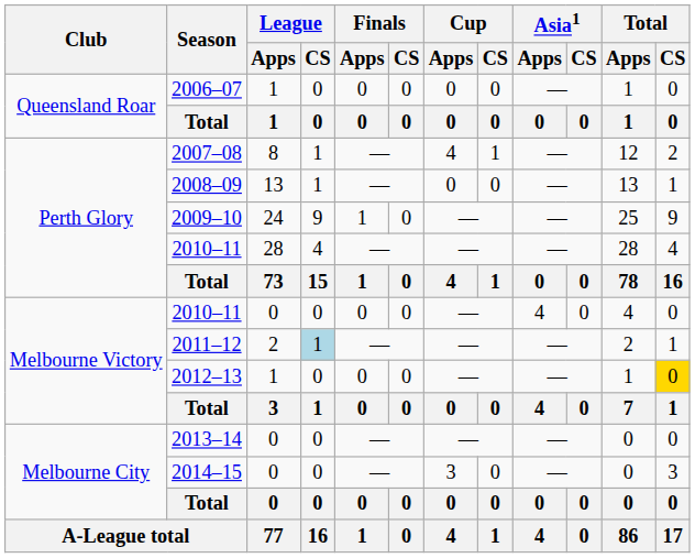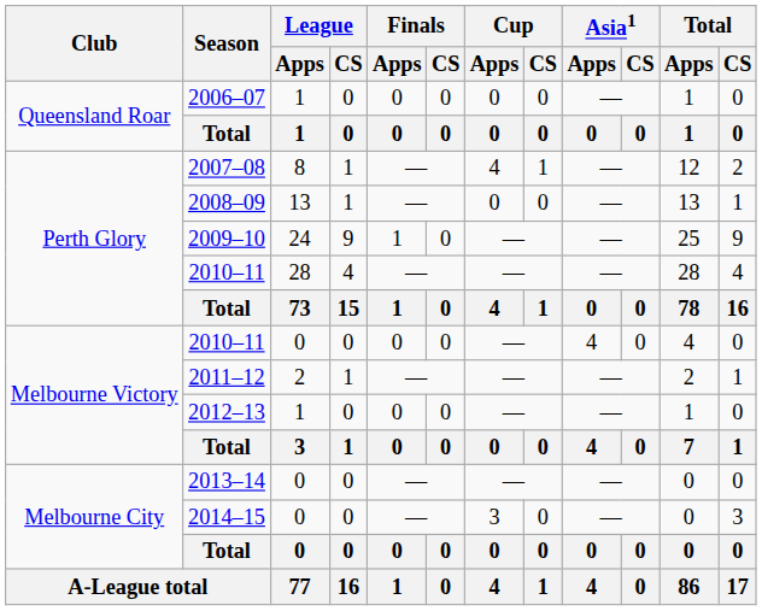 <table class="wikitable" style="text-align: center;">
 <tr>
 <th rowspan="2">Club</th>
 <th rowspan="2">Season</th>
 <th colspan="2"><a href='#'>League</a></th>
 <th colspan="2">Finals</th>
 <th colspan="2">Cup</th>
 <th colspan="2"><a href='#'>Asia</a><sup>1</sup></th>
 <th colspan="2">Total</th>
 </tr>
 <tr>
 <th>Apps</th>
 <th>CS</th>
 <th>Apps</th>
 <th>CS</th>
 <th>Apps</th>
 <th>CS</th>
 <th>Apps</th>
 <th>CS</th>
 <th>Apps</th>
 <th>CS</th>
 </tr>
 <tr>
 <td rowspan="2"><a href='#'>Queensland Roar</a></td>
 <td><a href='#'>2006–07</a></td>
 <td>1</td>
 <td>0</td>
 <td>0</td>
 <td>0</td>
 <td>0</td>
 <td>0</td>
 <td colspan="2">—</td>
 <td>1</td>
 <td>0</td>
 </tr>
 <tr>
 <th>Total</th>
 <th>1</th>
 <th>0</th>
 <th>0</th>
 <th>0</th>
 <th>0</th>
 <th>0</th>
 <th>0</th>
 <th>0</th>
 <th>1</th>
 <th>0</th>
 </tr>
 <tr>
 <td rowspan="5"><a href='#'>Perth Glory</a></td>
 <td><a href='#'>2007–08</a></td>
 <td>8</td>
 <td>1</td>
 <td colspan="2">—</td>
 <td>4</td>
 <td>1</td>
 <td colspan="2">—</td>
 <td>12</td>
 <td>2</td>
 </tr>
 <tr>
 <td><a href='#'>2008–09</a></td>
 <td>13</td>
 <td>1</td>
 <td colspan="2">—</td>
 <td>0</td>
 <td>0</td>
 <td colspan="2">—</td>
 <td>13</td>
 <td>1</td>
 </tr>
 <tr>
 <td><a href='#'>2009–10</a></td>
 <td>24</td>
 <td>9</td>
 <td>1</td>
 <td>0</td>
 <td colspan="2">—</td>
 <td colspan="2">—</td>
 <td>25</td>
 <td>9</td>
 </tr>
 <tr>
 <td><a href='#'>2010–11</a></td>
 <td>28</td>
 <td>4</td>
 <td colspan="2">—</td>
 <td colspan="2">—</td>
 <td colspan="2">—</td>
 <td>28</td>
 <td>4</td>
 </tr>
 <tr>
 <th>Total</th>
 <th>73</th>
 <th>15</th>
 <th>1</th>
 <th>0</th>
 <th>4</th>
 <th>1</th>
 <th>0</th>
 <th>0</th>
 <th>78</th>
 <th>16</th>
 </tr>
 <tr>
 <td rowspan="4"><a href='#'>Melbourne Victory</a></td>
 <td><a href='#'>2010–11</a></td>
 <td>0</td>
 <td>0</td>
 <td>0</td>
 <td>0</td>
 <td colspan="2">—</td>
 <td>4</td>
 <td>0</td>
 <td>4</td>
 <td>0</td>
 </tr>
 <tr>
 <td><a href='#'>2011–12</a></td>
 <td>2</td>
-<td style="background: lightblue;">1</td>
+<td>1</td>
 <td colspan="2">—</td>
 <td colspan="2">—</td>
 <td colspan="2">—</td>
 <td>2</td>
 <td>1</td>
 </tr>
 <tr>
 <td><a href='#'>2012–13</a></td>
 <td>1</td>
 <td>0</td>
 <td>0</td>
 <td>0</td>
 <td colspan="2">—</td>
 <td colspan="2">—</td>
 <td>1</td>
-<td style="background: gold;">0</td>
+<td>0</td>
 </tr>
 <tr>
 <th>Total</th>
 <th>3</th>
 <th>1</th>
 <th>0</th>
 <th>0</th>
 <th>0</th>
 <th>0</th>
 <th>4</th>
 <th>0</th>
 <th>7</th>
 <th>1</th>
 </tr>
 <tr>
 <td rowspan="3"><a href='#'>Melbourne City</a></td>
 <td><a href='#'>2013–14</a></td>
 <td>0</td>
 <td>0</td>
 <td colspan="2">—</td>
 <td colspan="2">—</td>
 <td colspan="2">—</td>
 <td>0</td>
 <td>0</td>
 </tr>
 <tr>
 <td><a href='#'>2014–15</a></td>
 <td>0</td>
 <td>0</td>
 <td colspan="2">—</td>
 <td>3</td>
 <td>0</td>
 <td colspan="2">—</td>
 <td>0</td>
 <td>3</td>
 </tr>
 <tr>
 <th>Total</th>
 <th>0</th>
 <th>0</th>
 <th>0</th>
 <th>0</th>
 <th>0</th>
 <th>0</th>
 <th>0</th>
 <th>0</th>
 <th>0</th>
 <th>0</th>
 </tr>
 <tr>
 <th colspan="2">A-League total</th>
 <th>77</th>
 <th>16</th>
 <th>1</th>
 <th>0</th>
 <th>4</th>
 <th>1</th>
 <th>4</th>
 <th>0</th>
 <th>86</th>
 <th>17</th>
 </tr>
 </table>
